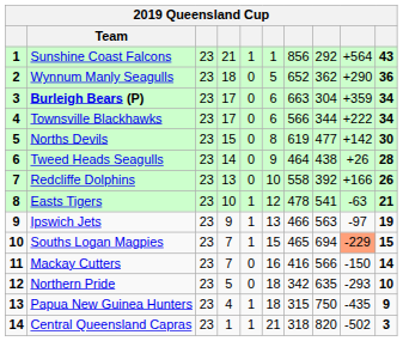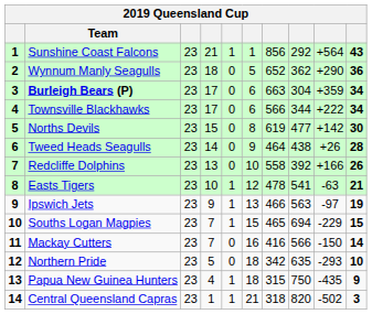 <table class="wikitable" style="text-align:center;">
 <tr>
 <th colspan="11">2019 Queensland Cup</th>
 </tr>
 <tr>
 <th width="20"></th>
 <th>Team</th>
 <th width="20"></th>
 <th width="20"></th>
 <th width="20"></th>
 <th width="20"></th>
 <th width="25"></th>
 <th width="25"></th>
 <th width="30"></th>
 <th width="20"></th>
 </tr>
 <tr style="background: #ccffcc;">
 <td><strong>1</strong></td>
 <td style="text-align:left;"> <a href='#'>Sunshine Coast Falcons</a></td>
 <td>23</td>
 <td>21</td>
 <td>1</td>
 <td>1</td>
 <td>856</td>
 <td>292</td>
 <td>+564</td>
 <td><strong>43</strong></td>
 </tr>
 <tr style="background: #ccffcc;">
 <td><strong>2</strong></td>
 <td style="text-align:left;"> <a href='#'>Wynnum Manly Seagulls</a></td>
 <td>23</td>
 <td>18</td>
 <td>0</td>
 <td>5</td>
 <td>652</td>
 <td>362</td>
 <td>+290</td>
 <td><strong>36</strong></td>
 </tr>
 <tr style="background: #ccffcc;">
 <td><strong>3</strong></td>
 <td style="text-align:left;"> <strong><a href='#'>Burleigh Bears</a> (P)</strong></td>
 <td>23</td>
 <td>17</td>
 <td>0</td>
 <td>6</td>
 <td>663</td>
 <td>304</td>
 <td>+359</td>
 <td><strong>34</strong></td>
 </tr>
 <tr style="background: #ccffcc;">
 <td><strong>4</strong></td>
 <td style="text-align:left;"> <a href='#'>Townsville Blackhawks</a></td>
 <td>23</td>
 <td>17</td>
 <td>0</td>
 <td>6</td>
 <td>566</td>
 <td>344</td>
 <td>+222</td>
 <td><strong>34</strong></td>
 </tr>
 <tr style="background: #ccffcc;">
 <td><strong>5</strong></td>
 <td style="text-align:left;"> <a href='#'>Norths Devils</a></td>
 <td>23</td>
 <td>15</td>
 <td>0</td>
 <td>8</td>
 <td>619</td>
 <td>477</td>
 <td>+142</td>
 <td><strong>30</strong></td>
 </tr>
 <tr style="background: #ccffcc;">
 <td><strong>6</strong></td>
 <td style="text-align:left;"> <a href='#'>Tweed Heads Seagulls</a></td>
 <td>23</td>
 <td>14</td>
 <td>0</td>
 <td>9</td>
 <td>464</td>
 <td>438</td>
 <td>+26</td>
 <td><strong>28</strong></td>
 </tr>
 <tr style="background: #ccffcc;">
 <td><strong>7</strong></td>
 <td style="text-align:left;"> <a href='#'>Redcliffe Dolphins</a></td>
 <td>23</td>
 <td>13</td>
 <td>0</td>
 <td>10</td>
 <td>558</td>
 <td>392</td>
 <td>+166</td>
 <td><strong>26</strong></td>
 </tr>
 <tr style="background: #ccffcc;">
 <td><strong>8</strong></td>
 <td style="text-align:left;"> <a href='#'>Easts Tigers</a></td>
 <td>23</td>
 <td>10</td>
 <td>1</td>
 <td>12</td>
 <td>478</td>
 <td>541</td>
 <td>-63</td>
 <td><strong>21</strong></td>
 </tr>
 <tr>
 <td><strong>9</strong></td>
 <td style="text-align:left;"> <a href='#'>Ipswich Jets</a></td>
 <td>23</td>
 <td>9</td>
 <td>1</td>
 <td>13</td>
 <td>466</td>
 <td>563</td>
 <td>-97</td>
 <td><strong>19</strong></td>
 </tr>
 <tr>
 <td><strong>10</strong></td>
 <td style="text-align:left;"> <a href='#'>Souths Logan Magpies</a></td>
 <td>23</td>
 <td>7</td>
 <td>1</td>
 <td>15</td>
 <td>465</td>
 <td>694</td>
-<td style="background: lightsalmon;">-229</td>
+<td>-229</td>
 <td><strong>15</strong></td>
 </tr>
 <tr>
 <td><strong>11</strong></td>
 <td style="text-align:left;"> <a href='#'>Mackay Cutters</a></td>
 <td>23</td>
 <td>7</td>
 <td>0</td>
 <td>16</td>
 <td>416</td>
 <td>566</td>
 <td>-150</td>
 <td><strong>14</strong></td>
 </tr>
 <tr>
 <td><strong>12</strong></td>
 <td style="text-align:left;"> <a href='#'>Northern Pride</a></td>
 <td>23</td>
 <td>5</td>
 <td>0</td>
 <td>18</td>
 <td>342</td>
 <td>635</td>
 <td>-293</td>
 <td><strong>10</strong></td>
 </tr>
 <tr>
 <td><strong>13</strong></td>
 <td style="text-align:left;"> <a href='#'>Papua New Guinea Hunters</a></td>
 <td>23</td>
 <td>4</td>
 <td>1</td>
 <td>18</td>
 <td>315</td>
 <td>750</td>
 <td>-435</td>
 <td><strong>9</strong></td>
 </tr>
 <tr>
 <td><strong>14</strong></td>
 <td style="text-align:left;"> <a href='#'>Central Queensland Capras</a></td>
 <td>23</td>
 <td>1</td>
 <td>1</td>
 <td>21</td>
 <td>318</td>
 <td>820</td>
 <td>-502</td>
 <td><strong>3</strong></td>
 </tr>
 </table>
